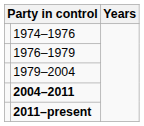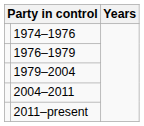 <table class="wikitable">
 <tr>
 <th colspan="2">Party in control</th>
 <th>Years</th>
 </tr>
 <tr>
 <td></td>
 <td>1974–1976</td>
 </tr>
 <tr>
 <td></td>
 <td>1976–1979</td>
 </tr>
 <tr>
 <td></td>
 <td>1979–2004</td>
 </tr>
 <tr>
 <td></td>
-<td><strong>2004–2011</strong></td>
+<td>2004–2011</td>
 </tr>
 <tr>
 <td></td>
-<td><strong>2011–present</strong></td>
+<td>2011–present</td>
 </tr>
 </table>
